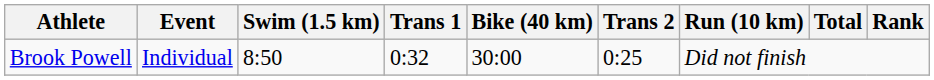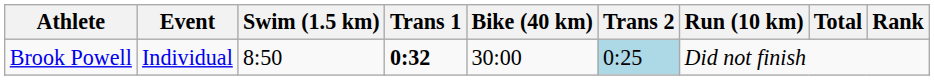 <table class="wikitable" border="1">
 <tr>
 <th>Athlete</th>
 <th>Event</th>
 <th>Swim (1.5 km)</th>
 <th>Trans 1</th>
 <th>Bike (40 km)</th>
 <th>Trans 2</th>
 <th>Run (10 km)</th>
 <th>Total</th>
 <th>Rank</th>
 </tr>
 <tr>
 <td><a href='#'>Brook Powell</a></td>
 <td><a href='#'>Individual</a></td>
 <td>8:50</td>
-<td>0:32</td>
+<td><strong>0:32</strong></td>
 <td>30:00</td>
-<td>0:25</td>
+<td style="background: lightblue;">0:25</td>
 <td colspan=3><em>Did not finish</em></td>
 </tr>
 </table>
